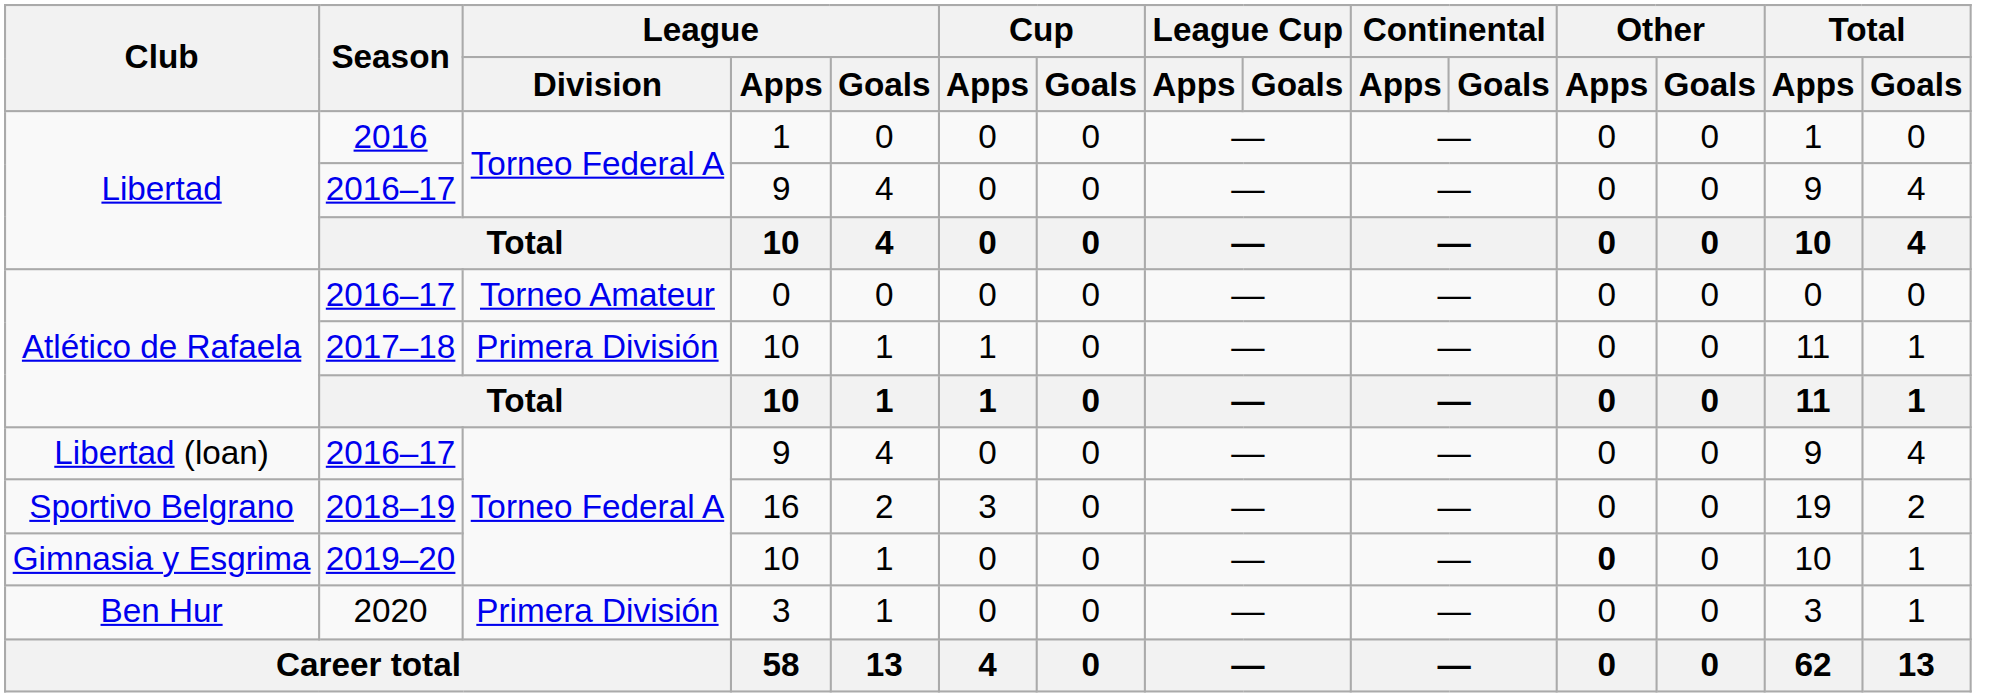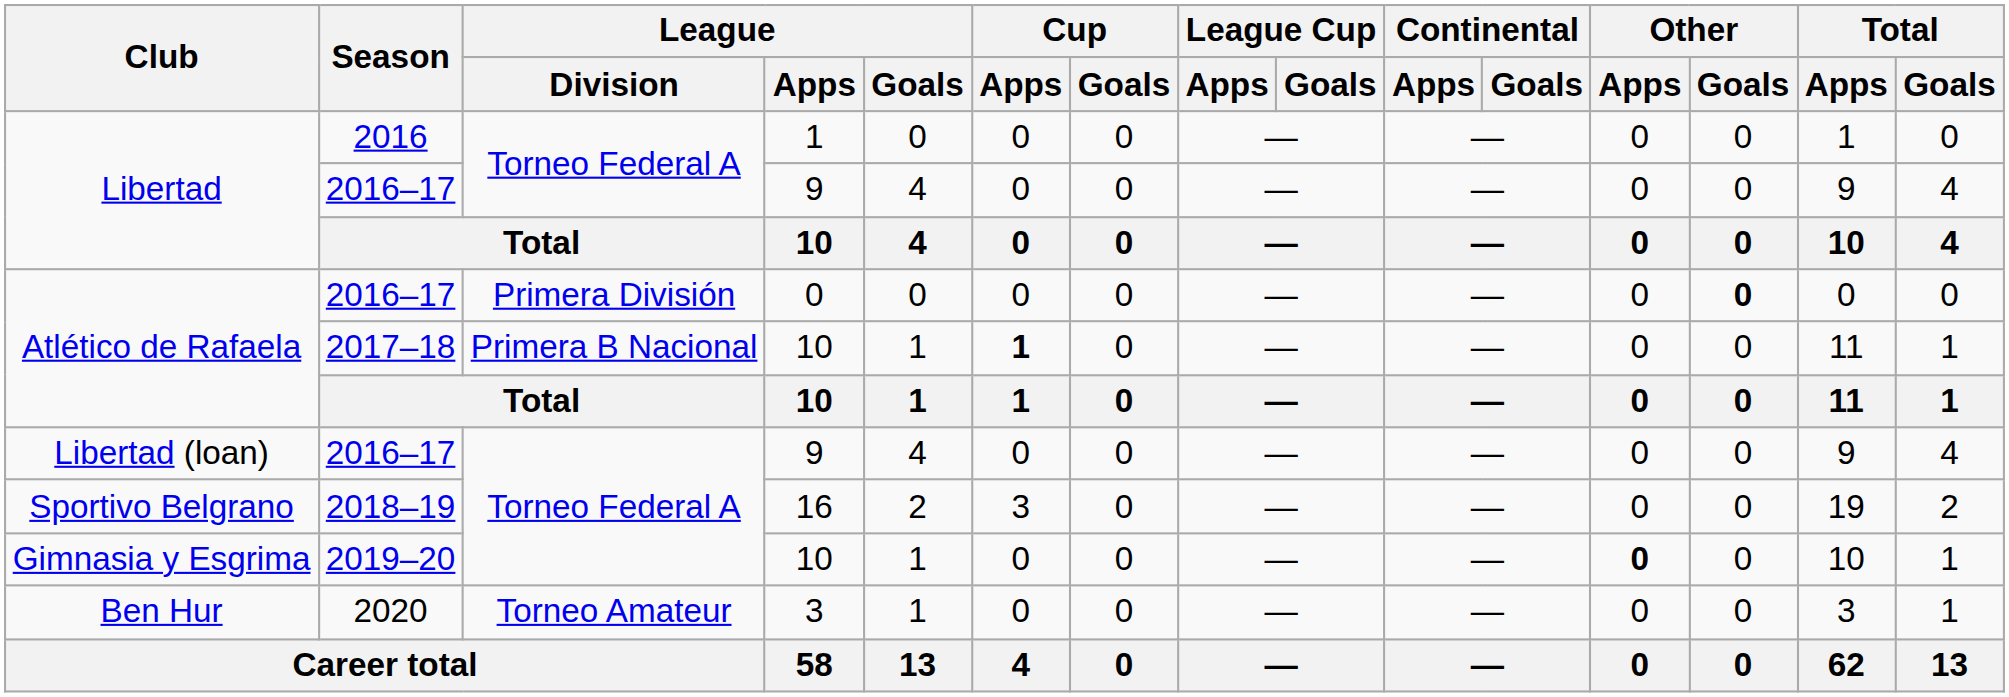 <table class="wikitable" style="text-align:center">
 <tr>
 <th rowspan="2">Club</th>
 <th rowspan="2">Season</th>
 <th colspan="3">League</th>
 <th colspan="2">Cup</th>
 <th colspan="2">League Cup</th>
 <th colspan="2">Continental</th>
 <th colspan="2">Other</th>
 <th colspan="2">Total</th>
 </tr>
 <tr>
 <th>Division</th>
 <th>Apps</th>
 <th>Goals</th>
 <th>Apps</th>
 <th>Goals</th>
 <th>Apps</th>
 <th>Goals</th>
 <th>Apps</th>
 <th>Goals</th>
 <th>Apps</th>
 <th>Goals</th>
 <th>Apps</th>
 <th>Goals</th>
 </tr>
 <tr>
 <td rowspan="3"><a href='#'>Libertad</a></td>
 <td><a href='#'>2016</a></td>
 <td rowspan="2"><a href='#'>Torneo Federal A</a></td>
 <td>1</td>
 <td>0</td>
 <td>0</td>
 <td>0</td>
 <td colspan="2">—</td>
 <td colspan="2">—</td>
 <td>0</td>
 <td>0</td>
 <td>1</td>
 <td>0</td>
 </tr>
 <tr>
 <td><a href='#'>2016–17</a></td>
 <td>9</td>
 <td>4</td>
 <td>0</td>
 <td>0</td>
 <td colspan="2">—</td>
 <td colspan="2">—</td>
 <td>0</td>
 <td>0</td>
 <td>9</td>
 <td>4</td>
 </tr>
 <tr>
 <th colspan="2">Total</th>
 <th>10</th>
 <th>4</th>
 <th>0</th>
 <th>0</th>
 <th colspan="2">—</th>
 <th colspan="2">—</th>
 <th>0</th>
 <th>0</th>
 <th>10</th>
 <th>4</th>
 </tr>
 <tr>
 <td rowspan="3"><a href='#'>Atlético de Rafaela</a></td>
 <td><a href='#'>2016–17</a></td>
-<td rowspan="1"><a href='#'>Torneo Amateur</a></td>
+<td rowspan="1"><a href='#'>Primera División</a></td>
 <td>0</td>
 <td>0</td>
 <td>0</td>
 <td>0</td>
 <td colspan="2">—</td>
 <td colspan="2">—</td>
 <td>0</td>
-<td>0</td>
+<td><strong>0</strong></td>
 <td>0</td>
 <td>0</td>
 </tr>
 <tr>
 <td><a href='#'>2017–18</a></td>
-<td rowspan="1"><a href='#'>Primera División</a></td>
+<td rowspan="1"><a href='#'>Primera B Nacional</a></td>
 <td>10</td>
 <td>1</td>
-<td>1</td>
+<td><strong>1</strong></td>
 <td>0</td>
 <td colspan="2">—</td>
 <td colspan="2">—</td>
 <td>0</td>
 <td>0</td>
 <td>11</td>
 <td>1</td>
 </tr>
 <tr>
 <th colspan="2">Total</th>
 <th>10</th>
 <th>1</th>
 <th>1</th>
 <th>0</th>
 <th colspan="2">—</th>
 <th colspan="2">—</th>
 <th>0</th>
 <th>0</th>
 <th>11</th>
 <th>1</th>
 </tr>
 <tr>
 <td rowspan="1"><a href='#'>Libertad</a> (loan)</td>
 <td><a href='#'>2016–17</a></td>
 <td rowspan="3"><a href='#'>Torneo Federal A</a></td>
 <td>9</td>
 <td>4</td>
 <td>0</td>
 <td>0</td>
 <td colspan="2">—</td>
 <td colspan="2">—</td>
 <td>0</td>
 <td>0</td>
 <td>9</td>
 <td>4</td>
 </tr>
 <tr>
 <td rowspan="1"><a href='#'>Sportivo Belgrano</a></td>
 <td><a href='#'>2018–19</a></td>
 <td>16</td>
 <td>2</td>
 <td>3</td>
 <td>0</td>
 <td colspan="2">—</td>
 <td colspan="2">—</td>
 <td>0</td>
 <td>0</td>
 <td>19</td>
 <td>2</td>
 </tr>
 <tr>
 <td rowspan="1"><a href='#'>Gimnasia y Esgrima</a></td>
 <td><a href='#'>2019–20</a></td>
 <td>10</td>
 <td>1</td>
 <td>0</td>
 <td>0</td>
 <td colspan="2">—</td>
 <td colspan="2">—</td>
 <td><strong>0</strong></td>
 <td>0</td>
 <td>10</td>
 <td>1</td>
 </tr>
 <tr>
 <td rowspan="1"><a href='#'>Ben Hur</a></td>
 <td>2020</td>
-<td rowspan="1"><a href='#'>Primera División</a></td>
+<td rowspan="1"><a href='#'>Torneo Amateur</a></td>
 <td>3</td>
 <td>1</td>
 <td>0</td>
 <td>0</td>
 <td colspan="2">—</td>
 <td colspan="2">—</td>
 <td>0</td>
 <td>0</td>
 <td>3</td>
 <td>1</td>
 </tr>
 <tr>
 <th colspan="3">Career total</th>
 <th>58</th>
 <th>13</th>
 <th>4</th>
 <th>0</th>
 <th colspan="2">—</th>
 <th colspan="2">—</th>
 <th>0</th>
 <th>0</th>
 <th>62</th>
 <th>13</th>
 </tr>
 </table>
